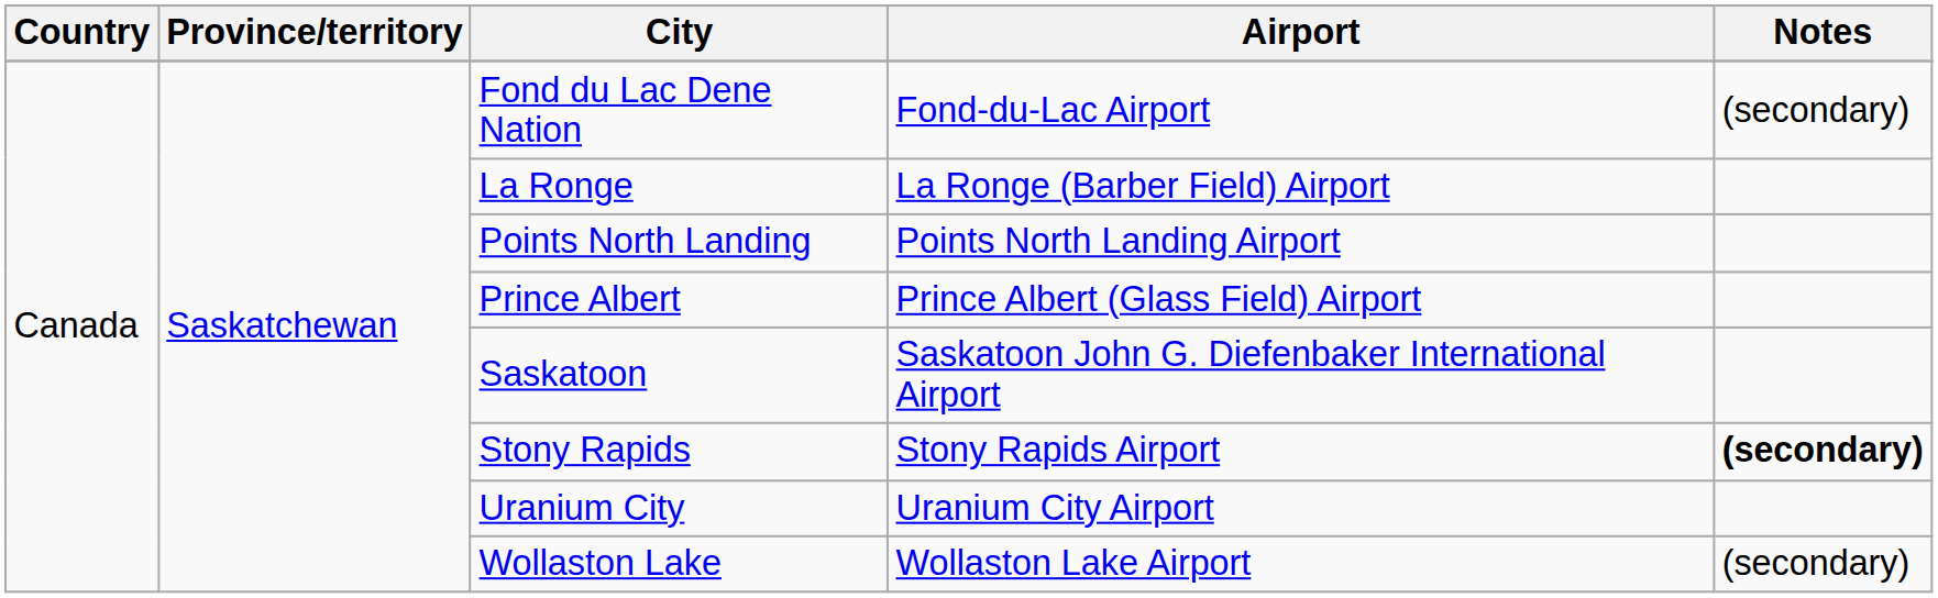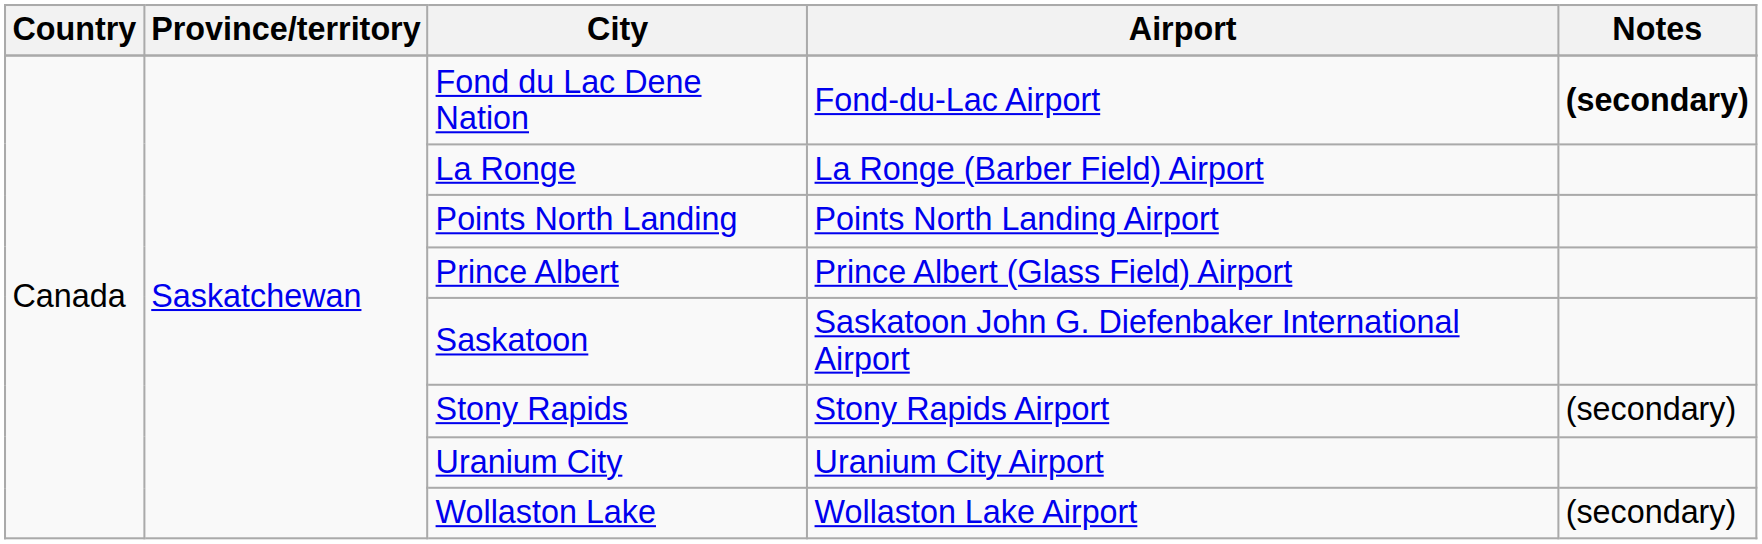 <table class="wikitable sortable">
 <tr>
 <th>Country</th>
 <th>Province/territory</th>
 <th>City</th>
 <th>Airport</th>
 <th class="unsortable">Notes</th>
 </tr>
 <tr>
 </tr>
 <tr>
 <td rowspan="8">Canada</td>
 <td rowspan="8"><a href='#'>Saskatchewan</a></td>
 <td><a href='#'>Fond du Lac Dene Nation</a></td>
 <td><a href='#'>Fond-du-Lac Airport</a></td>
-<td> (secondary)</td>
+<td><strong> (secondary)</strong></td>
 </tr>
 <tr>
 <td><a href='#'>La Ronge</a></td>
 <td><a href='#'>La Ronge (Barber Field) Airport</a></td>
 <td></td>
 </tr>
 <tr>
 <td><a href='#'>Points North Landing</a></td>
 <td><a href='#'>Points North Landing Airport</a></td>
 <td></td>
 </tr>
 <tr>
 <td><a href='#'>Prince Albert</a></td>
 <td><a href='#'>Prince Albert (Glass Field) Airport</a></td>
 <td></td>
 </tr>
 <tr>
 <td><a href='#'>Saskatoon</a></td>
 <td><a href='#'>Saskatoon John G. Diefenbaker International Airport</a></td>
 <td></td>
 </tr>
 <tr>
 <td><a href='#'>Stony Rapids</a></td>
 <td><a href='#'>Stony Rapids Airport</a></td>
-<td><strong> (secondary)</strong></td>
+<td> (secondary)</td>
 </tr>
 <tr>
 <td><a href='#'>Uranium City</a></td>
 <td><a href='#'>Uranium City Airport</a></td>
 <td></td>
 </tr>
 <tr>
 <td><a href='#'>Wollaston Lake</a></td>
 <td><a href='#'>Wollaston Lake Airport</a></td>
 <td> (secondary)</td>
 </tr>
 </table>
